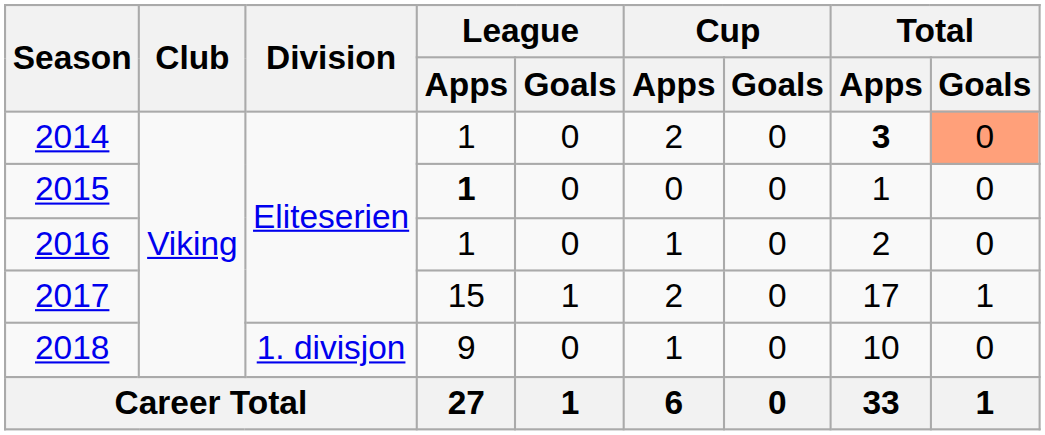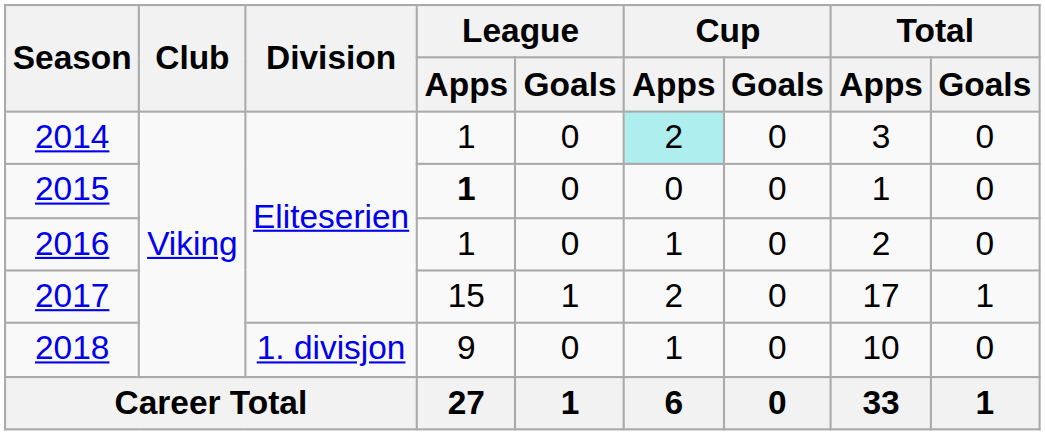 <table class="wikitable" style="text-align: center;">
 <tr>
 <th rowspan="2">Season</th>
 <th rowspan="2">Club</th>
 <th rowspan="2">Division</th>
 <th colspan="2">League</th>
 <th colspan="2">Cup</th>
 <th colspan="2">Total</th>
 </tr>
 <tr>
 <th>Apps</th>
 <th>Goals</th>
 <th>Apps</th>
 <th>Goals</th>
 <th>Apps</th>
 <th>Goals</th>
 </tr>
 <tr>
 <td><a href='#'>2014</a></td>
 <td rowspan="5" valign="center"><a href='#'>Viking</a></td>
 <td rowspan="4" valign="center"><a href='#'>Eliteserien</a></td>
 <td>1</td>
 <td>0</td>
-<td>2</td>
+<td style="background: paleturquoise;">2</td>
 <td>0</td>
-<td><strong>3</strong></td>
-<td style="background: lightsalmon;">0</td>
+<td>3</td>
+<td>0</td>
 </tr>
 <tr>
 <td><a href='#'>2015</a></td>
 <td><strong>1</strong></td>
 <td>0</td>
 <td>0</td>
 <td>0</td>
 <td>1</td>
 <td>0</td>
 </tr>
 <tr>
 <td><a href='#'>2016</a></td>
 <td>1</td>
 <td>0</td>
 <td>1</td>
 <td>0</td>
 <td>2</td>
 <td>0</td>
 </tr>
 <tr>
 <td><a href='#'>2017</a></td>
 <td>15</td>
 <td>1</td>
 <td>2</td>
 <td>0</td>
 <td>17</td>
 <td>1</td>
 </tr>
 <tr>
 <td><a href='#'>2018</a></td>
 <td><a href='#'>1. divisjon</a></td>
 <td>9</td>
 <td>0</td>
 <td>1</td>
 <td>0</td>
 <td>10</td>
 <td>0</td>
 </tr>
 <tr>
 <th colspan="3">Career Total</th>
 <th>27</th>
 <th>1</th>
 <th>6</th>
 <th>0</th>
 <th>33</th>
 <th>1</th>
 </tr>
 </table>
